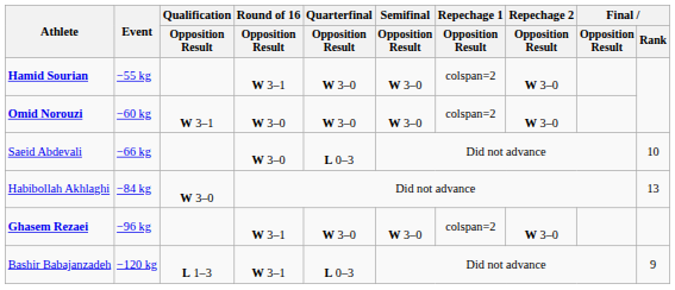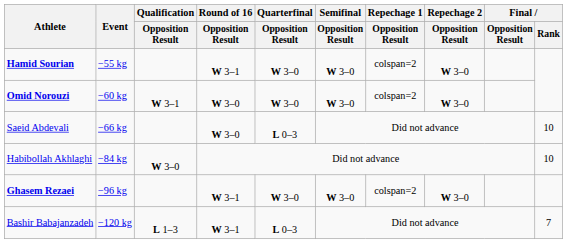 <table class="wikitable" style="font-size:90%;">
 <tr>
 <th rowspan=2>Athlete</th>
 <th rowspan=2>Event</th>
 <th>Qualification</th>
 <th>Round of 16</th>
 <th>Quarterfinal</th>
 <th>Semifinal</th>
 <th>Repechage 1</th>
 <th>Repechage 2</th>
 <th colspan=2>Final / </th>
 </tr>
 <tr style="font-size: 95%">
 <th>Opposition<br>Result</th>
 <th>Opposition<br>Result</th>
 <th>Opposition<br>Result</th>
 <th>Opposition<br>Result</th>
 <th>Opposition<br>Result</th>
 <th>Opposition<br>Result</th>
 <th>Opposition<br>Result</th>
 <th>Rank</th>
 </tr>
 <tr align=center>
 <td align=left><strong><a href='#'>Hamid Sourian</a></strong></td>
 <td align=left><a href='#'>−55 kg</a></td>
 <td></td>
 <td><br><strong>W</strong> 3–1 <sup></sup></td>
 <td><br><strong>W</strong> 3–0 <sup></sup></td>
 <td><br><strong>W</strong> 3–0 <sup></sup></td>
 <td>colspan=2 </td>
 <td><br><strong>W</strong> 3–0 <sup></sup></td>
 <td></td>
 </tr>
 <tr align=center>
 <td align=left><strong><a href='#'>Omid Norouzi</a></strong></td>
 <td align=left><a href='#'>−60 kg</a></td>
 <td><br><strong>W</strong> 3–1 <sup></sup></td>
 <td><br><strong>W</strong> 3–0 <sup></sup></td>
 <td><br><strong>W</strong> 3–0 <sup></sup></td>
 <td><br><strong>W</strong> 3–0 <sup></sup></td>
 <td>colspan=2 </td>
 <td><br><strong>W</strong> 3–0 <sup></sup></td>
 <td></td>
 </tr>
 <tr align=center>
 <td align=left><a href='#'>Saeid Abdevali</a></td>
 <td align=left><a href='#'>−66 kg</a></td>
 <td></td>
 <td><br><strong>W</strong> 3–0 <sup></sup></td>
 <td><br><strong>L</strong> 0–3 <sup></sup></td>
 <td colspan=4>Did not advance</td>
 <td>10</td>
 </tr>
 <tr align=center>
 <td align=left><a href='#'>Habibollah Akhlaghi</a></td>
 <td align=left><a href='#'>−84 kg</a></td>
 <td><br><strong>W</strong> 3–0 <sup></sup></td>
 <td colspan=6>Did not advance</td>
-<td>13</td>
+<td>10</td>
 </tr>
 <tr align=center>
 <td align=left><strong><a href='#'>Ghasem Rezaei</a></strong></td>
 <td align=left><a href='#'>−96 kg</a></td>
 <td></td>
 <td><br><strong>W</strong> 3–1 <sup></sup></td>
 <td><br><strong>W</strong> 3–0 <sup></sup></td>
 <td><br><strong>W</strong> 3–0 <sup></sup></td>
 <td>colspan=2 </td>
 <td><br><strong>W</strong> 3–0 <sup></sup></td>
 <td></td>
 </tr>
 <tr align=center>
 <td align=left><a href='#'>Bashir Babajanzadeh</a></td>
 <td align=left><a href='#'>−120 kg</a></td>
 <td><br><strong>L</strong> 1–3 <sup></sup></td>
 <td><br><strong>W</strong> 3–1 <sup></sup></td>
 <td><br><strong>L</strong> 0–3 <sup></sup></td>
 <td colspan=4>Did not advance</td>
-<td>9</td>
+<td>7</td>
 </tr>
 </table>
